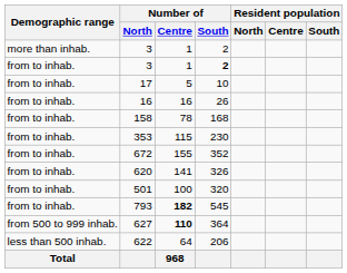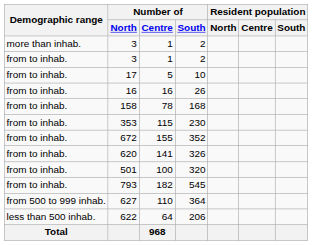 <table class="wikitable" style="text-align:right;">
 <tr>
 <th rowspan="2">Demographic range</th>
 <th colspan="3">Number of </th>
 <th colspan="3">Resident population</th>
 </tr>
 <tr>
 <th><a href='#'>North</a></th>
 <th><a href='#'>Centre</a></th>
 <th><a href='#'>South</a></th>
 <th>North</th>
 <th>Centre</th>
 <th>South</th>
 </tr>
 <tr>
 <td style="text-align:left;">more than  inhab.</td>
 <td>3</td>
 <td>1</td>
 <td>2</td>
 <td></td>
 <td></td>
 <td></td>
 </tr>
 <tr>
 <td style="text-align:left;">from  to  inhab.</td>
 <td>3</td>
 <td>1</td>
-<td><strong>2</strong></td>
+<td>2</td>
 <td></td>
 <td></td>
 <td></td>
 </tr>
 <tr>
 <td style="text-align:left;">from  to  inhab.</td>
 <td>17</td>
 <td>5</td>
 <td>10</td>
 <td></td>
 <td></td>
 <td></td>
 </tr>
 <tr>
 <td style="text-align:left;">from  to  inhab.</td>
 <td>16</td>
 <td>16</td>
 <td>26</td>
 <td></td>
 <td></td>
 <td></td>
 </tr>
 <tr>
 <td style="text-align:left;">from  to  inhab.</td>
 <td>158</td>
 <td>78</td>
 <td>168</td>
 <td></td>
 <td></td>
 <td></td>
 </tr>
 <tr>
 <td style="text-align:left;">from  to  inhab.</td>
 <td>353</td>
 <td>115</td>
 <td>230</td>
 <td></td>
 <td></td>
 <td></td>
 </tr>
 <tr>
 <td style="text-align:left;">from  to  inhab.</td>
 <td>672</td>
 <td>155</td>
 <td>352</td>
 <td></td>
 <td></td>
 <td></td>
 </tr>
 <tr>
 <td style="text-align:left;">from  to  inhab.</td>
 <td>620</td>
 <td>141</td>
 <td>326</td>
 <td></td>
 <td></td>
 <td></td>
 </tr>
 <tr>
 <td style="text-align:left;">from  to  inhab.</td>
 <td>501</td>
 <td>100</td>
 <td>320</td>
 <td></td>
 <td></td>
 <td></td>
 </tr>
 <tr>
 <td style="text-align:left;">from  to  inhab.</td>
 <td>793</td>
-<td><strong>182</strong></td>
+<td>182</td>
 <td>545</td>
 <td></td>
 <td></td>
 <td></td>
 </tr>
 <tr>
 <td style="text-align:left;">from 500 to 999 inhab.</td>
 <td>627</td>
-<td><strong>110</strong></td>
+<td>110</td>
 <td>364</td>
 <td></td>
 <td></td>
 <td></td>
 </tr>
 <tr>
 <td style="text-align:left;">less than 500 inhab.</td>
 <td>622</td>
 <td>64</td>
 <td>206</td>
 <td></td>
 <td></td>
 <td></td>
 </tr>
 <tr>
 <th>Total</th>
 <th></th>
 <th>968</th>
 <th></th>
 <th></th>
 <th></th>
 <th></th>
 </tr>
 </table>
